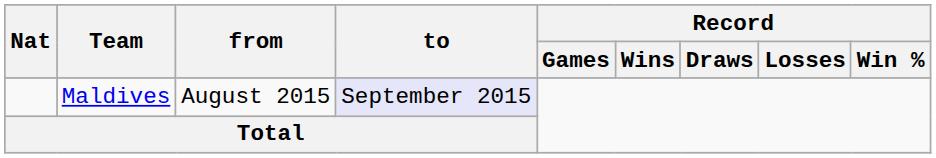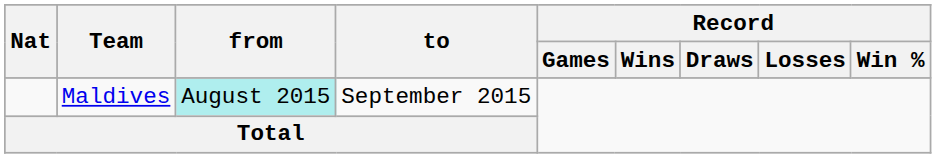 <table class="wikitable" style="text-align: center">
 <tr>
 <th rowspan="2">Nat</th>
 <th rowspan="2">Team</th>
 <th rowspan="2">from</th>
 <th rowspan="2">to</th>
 <th colspan="5">Record</th>
 </tr>
 <tr>
 <th>Games</th>
 <th>Wins</th>
 <th>Draws</th>
 <th>Losses</th>
 <th>Win %</th>
 </tr>
 <tr>
 <td></td>
 <td><a href='#'>Maldives</a></td>
-<td align="left">August 2015</td>
-<td align="left" style="background: lavender;">September 2015<br></td>
+<td align="left" style="background: paleturquoise;">August 2015</td>
+<td align="left">September 2015<br></td>
 </tr>
 <tr>
 <th colspan="4">Total<br></th>
 </tr>
 </table>
